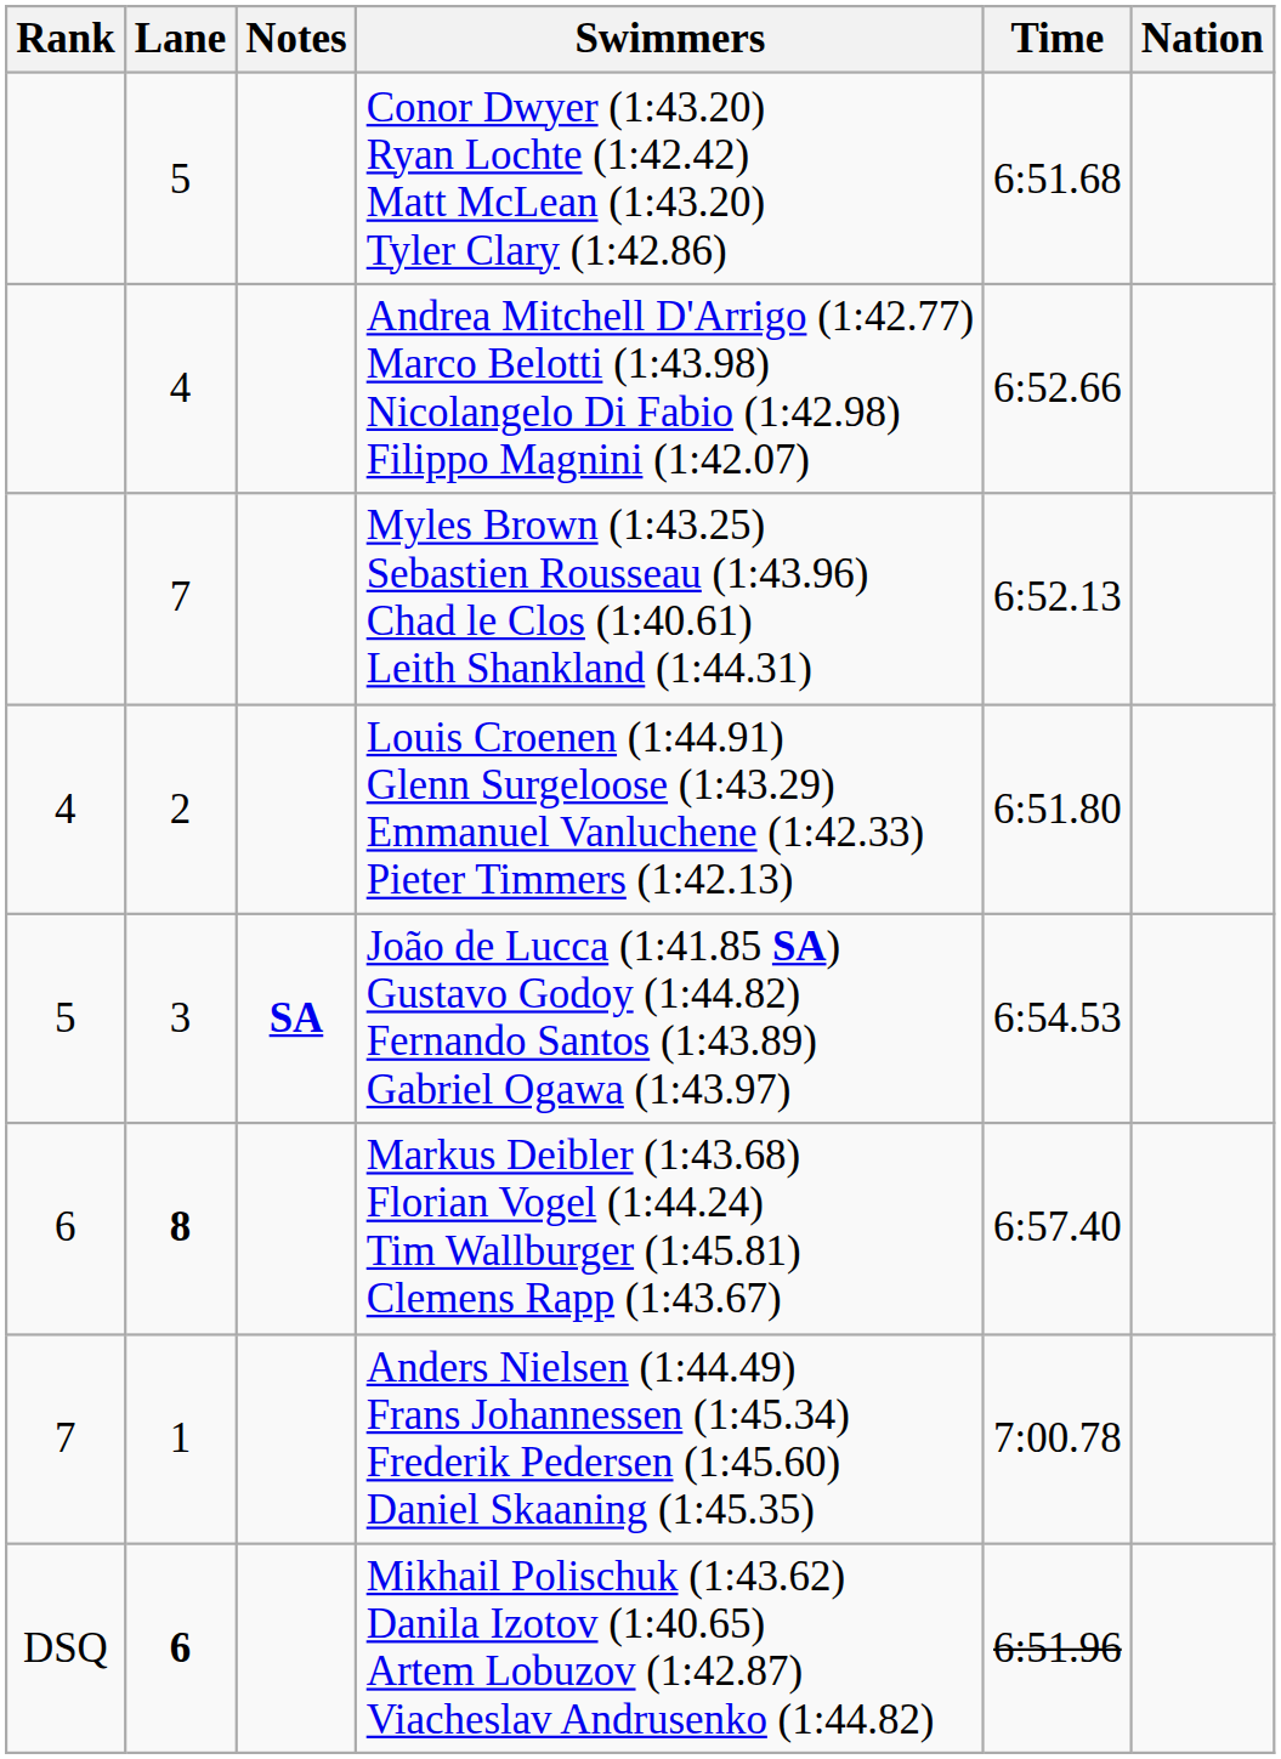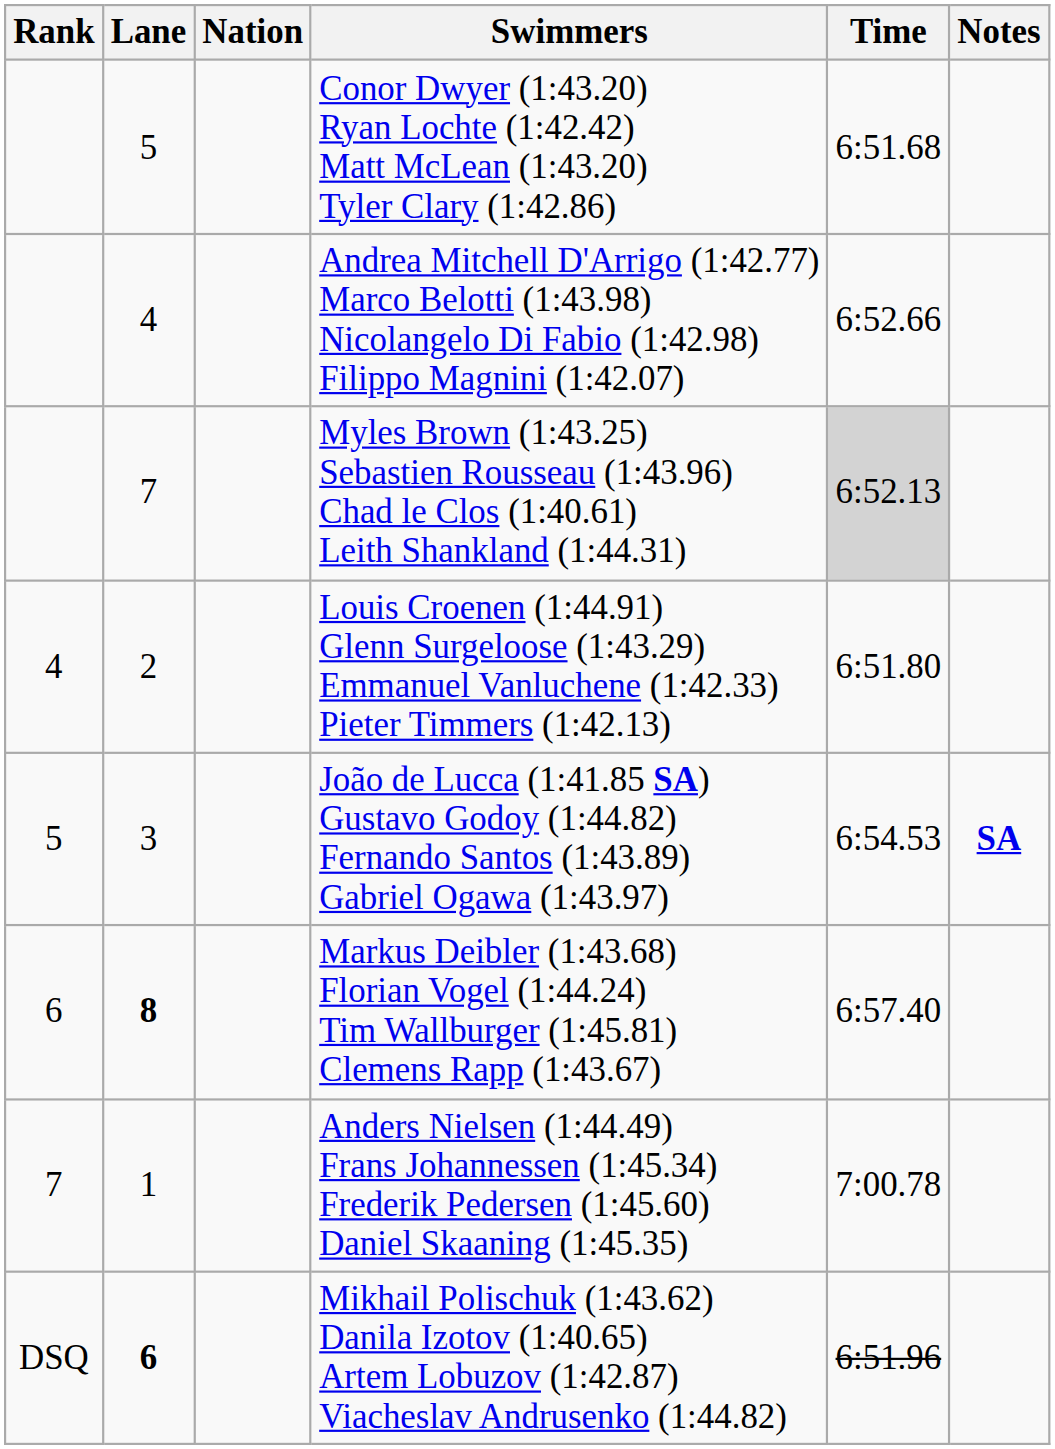 <table class="wikitable sortable" style="text-align:center">
 <tr>
 <th>Rank</th>
 <th>Lane</th>
-<th>Notes</th>
+<th>Nation</th>
 <th>Swimmers</th>
 <th>Time</th>
-<th>Nation</th>
+<th>Notes</th>
 </tr>
 <tr>
 <td></td>
 <td>5</td>
-<td></td>
+<td align=left></td>
 <td align=left><a href='#'>Conor Dwyer</a> (1:43.20)<br><a href='#'>Ryan Lochte</a> (1:42.42)<br><a href='#'>Matt McLean</a> (1:43.20)<br><a href='#'>Tyler Clary</a> (1:42.86)</td>
 <td>6:51.68</td>
-<td align=left></td>
+<td></td>
 </tr>
 <tr>
 <td></td>
 <td>4</td>
-<td></td>
+<td align=left></td>
 <td align=left><a href='#'>Andrea Mitchell D'Arrigo</a> (1:42.77)<br><a href='#'>Marco Belotti</a> (1:43.98)<br><a href='#'>Nicolangelo Di Fabio</a> (1:42.98)<br><a href='#'>Filippo Magnini</a> (1:42.07)</td>
 <td>6:52.66</td>
-<td align=left></td>
+<td></td>
 </tr>
 <tr>
 <td></td>
 <td>7</td>
+<td align=left></td>
+<td align=left><a href='#'>Myles Brown</a> (1:43.25)<br><a href='#'>Sebastien Rousseau</a> (1:43.96)<br><a href='#'>Chad le Clos</a> (1:40.61)<br><a href='#'>Leith Shankland</a> (1:44.31)</td>
+<td style="background: lightgrey;">6:52.13</td>
 <td></td>
-<td align=left><a href='#'>Myles Brown</a> (1:43.25)<br><a href='#'>Sebastien Rousseau</a> (1:43.96)<br><a href='#'>Chad le Clos</a> (1:40.61)<br><a href='#'>Leith Shankland</a> (1:44.31)</td>
-<td>6:52.13</td>
-<td align=left></td>
 </tr>
 <tr>
 <td>4</td>
 <td>2</td>
-<td></td>
+<td align=left></td>
 <td align=left><a href='#'>Louis Croenen</a> (1:44.91)<br><a href='#'>Glenn Surgeloose</a> (1:43.29)<br><a href='#'>Emmanuel Vanluchene</a> (1:42.33)<br><a href='#'>Pieter Timmers</a> (1:42.13)</td>
 <td>6:51.80</td>
-<td align=left></td>
+<td></td>
 </tr>
 <tr>
 <td>5</td>
 <td>3</td>
-<td><strong><a href='#'>SA</a></strong></td>
+<td align=left></td>
 <td align=left><a href='#'>João de Lucca</a> (1:41.85 <strong><a href='#'>SA</a></strong>)<br><a href='#'>Gustavo Godoy</a> (1:44.82)<br><a href='#'>Fernando Santos</a> (1:43.89)<br><a href='#'>Gabriel Ogawa</a> (1:43.97)</td>
 <td>6:54.53</td>
-<td align=left></td>
+<td><strong><a href='#'>SA</a></strong></td>
 </tr>
 <tr>
 <td>6</td>
 <td><strong>8</strong></td>
-<td></td>
+<td align=left></td>
 <td align=left><a href='#'>Markus Deibler</a> (1:43.68)<br><a href='#'>Florian Vogel</a> (1:44.24)<br><a href='#'>Tim Wallburger</a> (1:45.81)<br><a href='#'>Clemens Rapp</a> (1:43.67)</td>
 <td>6:57.40</td>
-<td align=left></td>
+<td></td>
 </tr>
 <tr>
 <td>7</td>
 <td>1</td>
-<td></td>
+<td align=left></td>
 <td align=left><a href='#'>Anders Nielsen</a> (1:44.49)<br><a href='#'>Frans Johannessen</a> (1:45.34)<br><a href='#'>Frederik Pedersen</a> (1:45.60)<br><a href='#'>Daniel Skaaning</a> (1:45.35)</td>
 <td>7:00.78</td>
-<td align=left></td>
+<td></td>
 </tr>
 <tr>
 <td>DSQ</td>
 <td><strong>6</strong></td>
-<td></td>
+<td align=left></td>
 <td align=left><a href='#'>Mikhail Polischuk</a> (1:43.62)<br><a href='#'>Danila Izotov</a> (1:40.65)<br><a href='#'>Artem Lobuzov</a> (1:42.87)<br><a href='#'>Viacheslav Andrusenko</a> (1:44.82)</td>
 <td><s>6:51.96</s></td>
-<td align=left></td>
+<td></td>
 </tr>
 </table>
